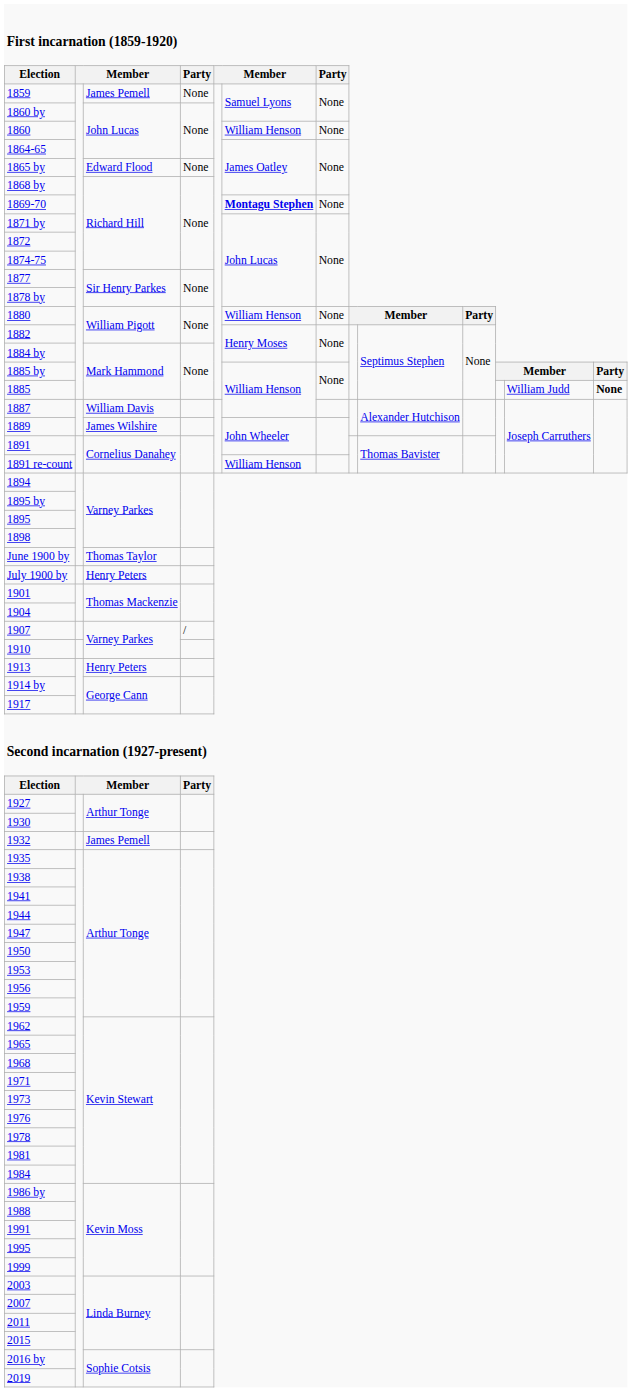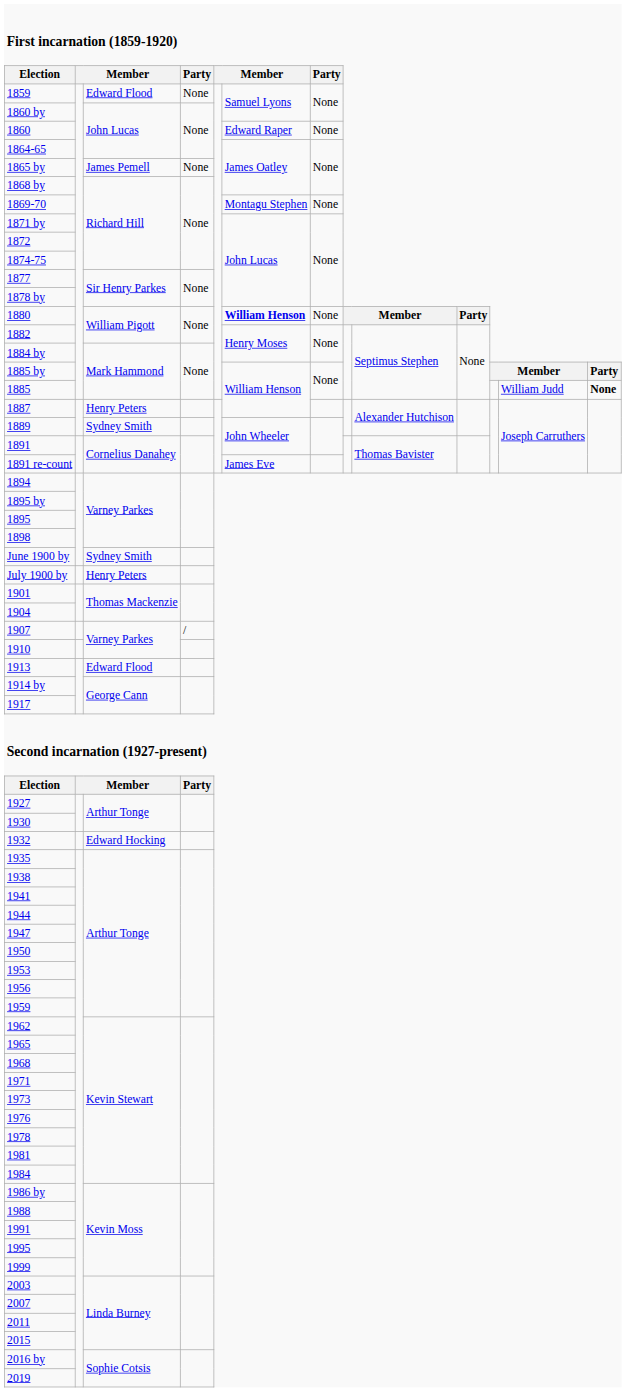 <table class="wikitable" style='border-style: none none none none;'>
 <tr>
 <td colspan="13" style="border-style: none none none none;"><br><h3>First incarnation (1859-1920)</h3></td>
 </tr>
 <tr>
 <th>Election</th>
 <th colspan="2">Member</th>
 <th>Party</th>
 <th colspan="2">Member</th>
 <th>Party</th>
 </tr>
 <tr style="background: #f9f9f9">
 <td><a href='#'>1859</a></td>
 <td rowspan="17" > </td>
-<td><a href='#'>James Pemell</a></td>
+<td><a href='#'>Edward Flood</a></td>
 <td>None</td>
 <td rowspan="17" > </td>
 <td rowspan="2"><a href='#'>Samuel Lyons</a></td>
 <td rowspan="2">None</td>
 </tr>
 <tr style="background: #f9f9f9">
 <td><a href='#'>1860 by</a></td>
 <td rowspan="3"><a href='#'>John Lucas</a></td>
 <td rowspan="3">None</td>
 </tr>
 <tr style="background: #f9f9f9">
 <td><a href='#'>1860</a></td>
-<td><a href='#'>William Henson</a></td>
+<td><a href='#'>Edward Raper</a></td>
 <td>None</td>
 </tr>
 <tr style="background: #f9f9f9">
 <td><a href='#'>1864-65</a></td>
 <td rowspan="3"><a href='#'>James Oatley</a></td>
 <td rowspan="3">None</td>
 </tr>
 <tr style="background: #f9f9f9">
 <td><a href='#'>1865 by</a></td>
-<td><a href='#'>Edward Flood</a></td>
+<td><a href='#'>James Pemell</a></td>
 <td>None</td>
 </tr>
 <tr style="background: #f9f9f9">
 <td><a href='#'>1868 by</a></td>
 <td rowspan="5"><a href='#'>Richard Hill</a></td>
 <td rowspan="5">None</td>
 </tr>
 <tr style="background: #f9f9f9">
 <td><a href='#'>1869-70</a></td>
-<td><strong><a href='#'>Montagu Stephen</a></strong></td>
+<td><a href='#'>Montagu Stephen</a></td>
 <td>None</td>
 </tr>
 <tr style="background: #f9f9f9">
 <td><a href='#'>1871 by</a></td>
 <td rowspan="5"><a href='#'>John Lucas</a></td>
 <td rowspan="5">None</td>
 </tr>
 <tr style="background: #f9f9f9">
 <td><a href='#'>1872</a></td>
 </tr>
 <tr style="background: #f9f9f9">
 <td><a href='#'>1874-75</a></td>
 </tr>
 <tr style="background: #f9f9f9">
 <td><a href='#'>1877</a></td>
 <td rowspan="2"><a href='#'>Sir Henry Parkes</a></td>
 <td rowspan="2">None</td>
 </tr>
 <tr style="background: #f9f9f9">
 <td><a href='#'>1878 by</a></td>
 </tr>
 <tr style="background: #f9f9f9">
 <td><a href='#'>1880</a></td>
 <td rowspan="2"><a href='#'>William Pigott</a></td>
 <td rowspan="2">None</td>
-<td><a href='#'>William Henson</a></td>
+<td><strong><a href='#'>William Henson</a></strong></td>
 <td>None</td>
 <th colspan="2">Member</th>
 <th>Party</th>
 </tr>
 <tr style="background: #f9f9f9">
 <td><a href='#'>1882</a></td>
 <td rowspan="2"><a href='#'>Henry Moses</a></td>
 <td rowspan="2">None</td>
 <td rowspan="4" > </td>
 <td rowspan="4"><a href='#'>Septimus Stephen</a></td>
 <td rowspan="4">None</td>
 </tr>
 <tr style="background: #f9f9f9">
 <td><a href='#'>1884 by</a></td>
 <td rowspan="3"><a href='#'>Mark Hammond</a></td>
 <td rowspan="3">None</td>
 </tr>
 <tr style="background: #f9f9f9">
 <td><a href='#'>1885 by</a></td>
 <td rowspan="3"><a href='#'>William Henson</a></td>
 <td rowspan="2">None</td>
 <th colspan="2">Member</th>
 <th>Party</th>
 </tr>
 <tr style="background: #f9f9f9">
 <td><a href='#'>1885</a></td>
 <td> </td>
 <td><a href='#'>William Judd</a></td>
 <td><strong>None</strong></td>
 </tr>
 <tr style="background: #f9f9f9; border-style: thin thin thin thin;">
 <td><a href='#'>1887</a></td>
 <td rowspan="2" > </td>
-<td><a href='#'>William Davis</a></td>
+<td><a href='#'>Henry Peters</a></td>
 <td></td>
 <td rowspan="4" > </td>
 <td></td>
 <td rowspan="2" > </td>
 <td rowspan="2"><a href='#'>Alexander Hutchison</a></td>
 <td rowspan="2"></td>
 <td rowspan="4" > </td>
 <td rowspan="4"><a href='#'>Joseph Carruthers</a></td>
 <td rowspan="4" style="background: #f9f9f9; border-style: thin thin thin thin;"></td>
 </tr>
 <tr style="background: #f9f9f9; border-style: thin thin thin thin;">
 <td><a href='#'>1889</a></td>
-<td><a href='#'>James Wilshire</a></td>
+<td><a href='#'>Sydney Smith</a></td>
 <td></td>
 <td rowspan="2"><a href='#'>John Wheeler</a></td>
 <td rowspan="2"></td>
 </tr>
 <tr style="background: #f9f9f9; border-style: thin thin thin thin;">
 <td><a href='#'>1891</a></td>
 <td rowspan="2" > </td>
 <td rowspan="2"><a href='#'>Cornelius Danahey</a></td>
 <td rowspan="2"></td>
 <td rowspan="2" > </td>
 <td rowspan="2"><a href='#'>Thomas Bavister</a></td>
 <td rowspan="2"></td>
 </tr>
 <tr style="background: #f9f9f9">
 <td><a href='#'>1891 re-count</a></td>
-<td><a href='#'>William Henson</a></td>
+<td><a href='#'>James Eve</a></td>
 <td></td>
 </tr>
 <tr style="background: #f9f9f9">
 <td><a href='#'>1894</a></td>
 <td rowspan="5" > </td>
 <td rowspan="4"><a href='#'>Varney Parkes</a></td>
 <td rowspan="4"></td>
 </tr>
 <tr style="background: #f9f9f9">
 <td><a href='#'>1895 by</a></td>
 </tr>
 <tr style="background: #f9f9f9">
 <td><a href='#'>1895</a></td>
 </tr>
 <tr style="background: #f9f9f9">
 <td><a href='#'>1898</a></td>
 </tr>
 <tr style="background: #f9f9f9">
 <td><a href='#'>June 1900 by</a></td>
-<td><a href='#'>Thomas Taylor</a></td>
+<td><a href='#'>Sydney Smith</a></td>
 <td></td>
 </tr>
 <tr style="background: #f9f9f9">
 <td><a href='#'>July 1900 by</a></td>
 <td> </td>
 <td><a href='#'>Henry Peters</a></td>
 <td></td>
 </tr>
 <tr style="background: #f9f9f9">
 <td><a href='#'>1901</a></td>
 <td rowspan="2" > </td>
 <td rowspan="2"><a href='#'>Thomas Mackenzie</a></td>
 <td rowspan="2"></td>
 </tr>
 <tr style="background: #f9f9f9">
 <td><a href='#'>1904</a></td>
 </tr>
 <tr style="background: #f9f9f9">
 <td><a href='#'>1907</a></td>
 <td> </td>
 <td rowspan="2"><a href='#'>Varney Parkes</a></td>
 <td> / </td>
 </tr>
 <tr style="background: #f9f9f9">
 <td><a href='#'>1910</a></td>
 <td> </td>
 <td></td>
 </tr>
 <tr style="background: #f9f9f9">
 <td><a href='#'>1913</a></td>
 <td rowspan="3" > </td>
-<td><a href='#'>Henry Peters</a></td>
+<td><a href='#'>Edward Flood</a></td>
 <td></td>
 </tr>
 <tr style="background: #f9f9f9">
 <td><a href='#'>1914 by</a></td>
 <td rowspan="2"><a href='#'>George Cann</a></td>
 <td rowspan="2"></td>
 </tr>
 <tr style="background: #f9f9f9">
 <td><a href='#'>1917</a></td>
 </tr>
 <tr>
 <td colspan="13" style="border-style: none none none none;"><br><h3>Second incarnation (1927-present)</h3></td>
 </tr>
 <tr>
 <th>Election</th>
 <th colspan="2">Member</th>
 <th>Party</th>
 </tr>
 <tr>
 <td><a href='#'>1927</a></td>
 <td rowspan="2" > </td>
 <td rowspan="2"><a href='#'>Arthur Tonge</a></td>
 <td rowspan="2"></td>
 </tr>
 <tr style="background: #f9f9f9">
 <td><a href='#'>1930</a></td>
 </tr>
 <tr>
 <td><a href='#'>1932</a></td>
 <td> </td>
-<td><a href='#'>James Pemell</a></td>
+<td><a href='#'>Edward Hocking</a></td>
 <td></td>
 </tr>
 <tr style="background: #f9f9f9">
 <td><a href='#'>1935</a></td>
 <td rowspan="29" > </td>
 <td rowspan="9"><a href='#'>Arthur Tonge</a></td>
 <td rowspan="9"></td>
 </tr>
 <tr style="background: #f9f9f9">
 <td><a href='#'>1938</a></td>
 </tr>
 <tr style="background: #f9f9f9">
 <td><a href='#'>1941</a></td>
 </tr>
 <tr style="background: #f9f9f9">
 <td><a href='#'>1944</a></td>
 </tr>
 <tr style="background: #f9f9f9">
 <td><a href='#'>1947</a></td>
 </tr>
 <tr style="background: #f9f9f9">
 <td><a href='#'>1950</a></td>
 </tr>
 <tr style="background: #f9f9f9">
 <td><a href='#'>1953</a></td>
 </tr>
 <tr style="background: #f9f9f9">
 <td><a href='#'>1956</a></td>
 </tr>
 <tr style="background: #f9f9f9">
 <td><a href='#'>1959</a></td>
 </tr>
 <tr style="background: #f9f9f9">
 <td><a href='#'>1962</a></td>
 <td rowspan="9"><a href='#'>Kevin Stewart</a></td>
 <td rowspan="9"></td>
 </tr>
 <tr style="background: #f9f9f9">
 <td><a href='#'>1965</a></td>
 </tr>
 <tr style="background: #f9f9f9">
 <td><a href='#'>1968</a></td>
 </tr>
 <tr style="background: #f9f9f9">
 <td><a href='#'>1971</a></td>
 </tr>
 <tr style="background: #f9f9f9">
 <td><a href='#'>1973</a></td>
 </tr>
 <tr style="background: #f9f9f9">
 <td><a href='#'>1976</a></td>
 </tr>
 <tr style="background: #f9f9f9">
 <td><a href='#'>1978</a></td>
 </tr>
 <tr style="background: #f9f9f9">
 <td><a href='#'>1981</a></td>
 </tr>
 <tr style="background: #f9f9f9">
 <td><a href='#'>1984</a></td>
 </tr>
 <tr style="background: #f9f9f9">
 <td><a href='#'>1986 by</a></td>
 <td rowspan="5"><a href='#'>Kevin Moss</a></td>
 <td rowspan="5"></td>
 </tr>
 <tr style="background: #f9f9f9">
 <td><a href='#'>1988</a></td>
 </tr>
 <tr style="background: #f9f9f9">
 <td><a href='#'>1991</a></td>
 </tr>
 <tr style="background: #f9f9f9">
 <td><a href='#'>1995</a></td>
 </tr>
 <tr style="background: #f9f9f9">
 <td><a href='#'>1999</a></td>
 </tr>
 <tr style="background: #f9f9f9">
 <td><a href='#'>2003</a></td>
 <td rowspan="4"><a href='#'>Linda Burney</a></td>
 <td rowspan="4"></td>
 </tr>
 <tr style="background: #f9f9f9">
 <td><a href='#'>2007</a></td>
 </tr>
 <tr style="background: #f9f9f9">
 <td><a href='#'>2011</a></td>
 </tr>
 <tr style="background: #f9f9f9">
 <td><a href='#'>2015</a></td>
 </tr>
 <tr style="background: #f9f9f9">
 <td><a href='#'>2016 by</a></td>
 <td rowspan="2"><a href='#'>Sophie Cotsis</a></td>
 <td rowspan="2"></td>
 </tr>
 <tr style="background: #f9f9f9">
 <td><a href='#'>2019</a></td>
 </tr>
 </table>
